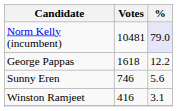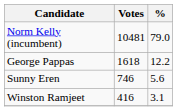 <table class="wikitable">
 <tr>
 <th bgcolor="#DDDDFF" width="150px">Candidate</th>
 <th bgcolor="#DDDDFF">Votes</th>
 <th bgcolor="#DDDDFF">%</th>
 </tr>
 <tr>
 <td><a href='#'>Norm Kelly</a> (incumbent)</td>
 <td>10481</td>
-<td style="background: lavender;">79.0</td>
+<td>79.0</td>
 </tr>
 <tr>
 <td>George Pappas</td>
 <td>1618</td>
 <td>12.2</td>
 </tr>
 <tr>
 <td>Sunny Eren</td>
 <td>746</td>
 <td>5.6</td>
 </tr>
 <tr>
 <td>Winston Ramjeet</td>
 <td>416</td>
 <td>3.1</td>
 </tr>
 <tr>
 </tr>
 </table>
